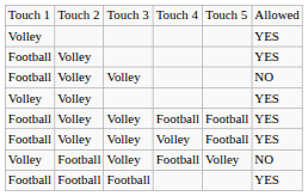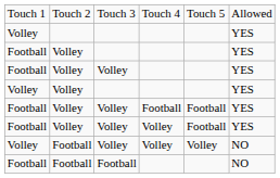 <table class="wikitable">
 <tr>
 <td>Touch 1</td>
 <td>Touch 2</td>
 <td rowspan="1">Touch 3</td>
 <td rowspan="1">Touch 4</td>
 <td rowspan="1">Touch 5</td>
 <td rowspan="1">Allowed</td>
 </tr>
 <tr>
 <td>Volley</td>
 <td></td>
 <td rowspan="1"></td>
 <td></td>
 <td></td>
 <td>YES</td>
 </tr>
 <tr>
 <td>Football</td>
 <td>Volley</td>
 <td rowspan="1"></td>
 <td></td>
 <td></td>
 <td>YES</td>
 </tr>
 <tr>
 <td>Football</td>
 <td>Volley</td>
 <td rowspan="1">Volley</td>
 <td></td>
 <td></td>
-<td>NO</td>
+<td>YES</td>
 </tr>
 <tr>
 <td>Volley</td>
 <td>Volley</td>
 <td></td>
 <td></td>
 <td></td>
 <td>YES</td>
 </tr>
 <tr>
 <td>Football</td>
 <td>Volley</td>
 <td rowspan="1">Volley</td>
 <td rowspan="1">Football</td>
 <td rowspan="1">Football</td>
 <td>YES</td>
 </tr>
 <tr>
 <td>Football</td>
 <td>Volley</td>
 <td rowspan="1">Volley</td>
 <td rowspan="1">Volley</td>
 <td rowspan="1">Football</td>
 <td>YES</td>
 </tr>
 <tr>
 <td>Volley</td>
 <td>Football</td>
 <td rowspan="1">Volley</td>
-<td rowspan="1">Football</td>
+<td rowspan="1">Volley</td>
 <td rowspan="1">Volley</td>
 <td>NO</td>
 </tr>
 <tr>
 <td>Football</td>
 <td>Football</td>
 <td rowspan="1">Football</td>
 <td></td>
 <td></td>
-<td>YES</td>
+<td>NO</td>
 </tr>
 </table>
